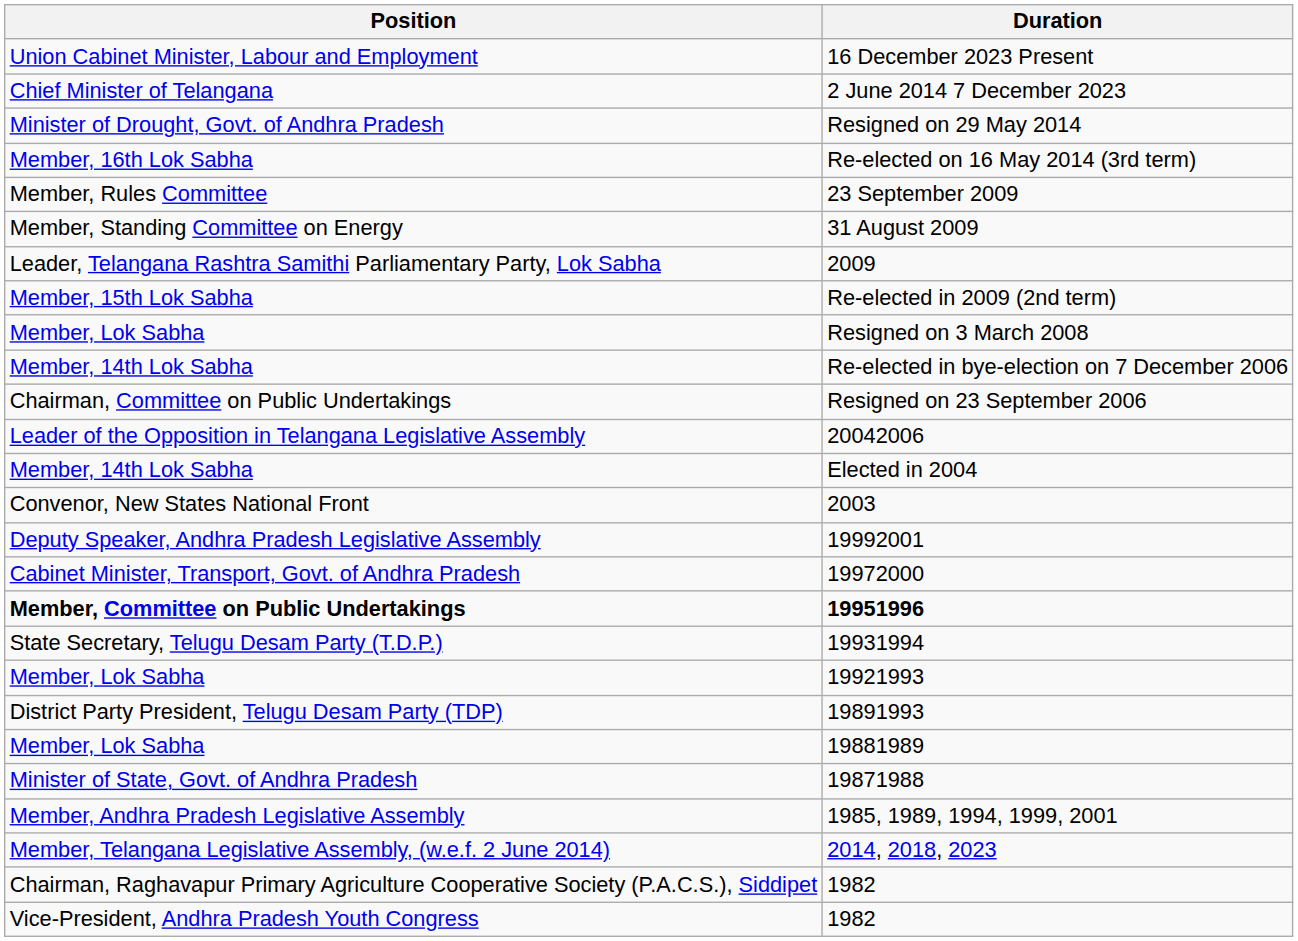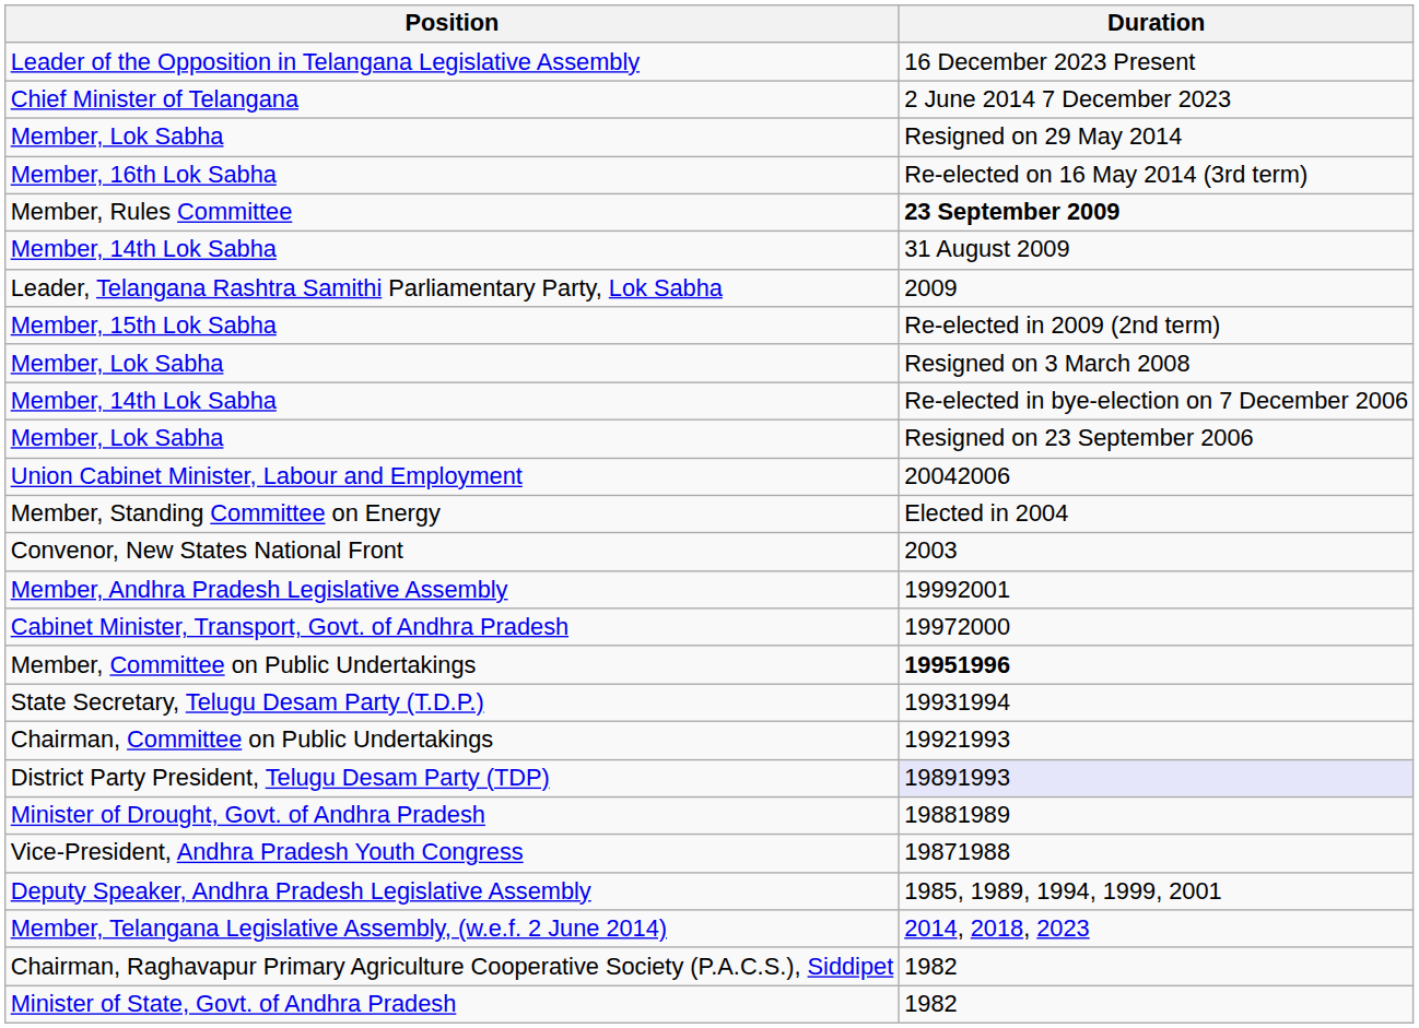 <table class="wikitable">
 <tr>
 <th>Position</th>
 <th>Duration</th>
 </tr>
 <tr>
-<td><a href='#'>Union Cabinet Minister, Labour and Employment</a></td>
+<td><a href='#'>Leader of the Opposition in Telangana Legislative Assembly</a></td>
 <td>16 December 2023  Present</td>
 </tr>
 <tr>
 <td><a href='#'>Chief Minister of Telangana</a></td>
 <td>2 June 2014  7 December 2023</td>
 </tr>
 <tr>
-<td><a href='#'>Minister of Drought, Govt. of Andhra Pradesh</a></td>
+<td><a href='#'>Member, Lok Sabha</a></td>
 <td>Resigned on 29 May 2014</td>
 </tr>
 <tr>
 <td><a href='#'>Member, 16th Lok Sabha</a></td>
 <td>Re-elected on 16 May 2014 (3rd term)</td>
 </tr>
 <tr>
 <td>Member, Rules <a href='#'>Committee</a></td>
-<td>23 September 2009</td>
+<td><strong>23 September 2009</strong></td>
 </tr>
 <tr>
-<td>Member, Standing <a href='#'>Committee</a> on Energy</td>
+<td><a href='#'>Member, 14th Lok Sabha</a></td>
 <td>31 August 2009</td>
 </tr>
 <tr>
 <td>Leader, <a href='#'>Telangana Rashtra Samithi</a> Parliamentary Party, <a href='#'>Lok Sabha</a></td>
 <td>2009</td>
 </tr>
 <tr>
 <td><a href='#'>Member, 15th Lok Sabha</a></td>
 <td>Re-elected in 2009 (2nd term)</td>
 </tr>
 <tr>
 <td><a href='#'>Member, Lok Sabha</a></td>
 <td>Resigned on 3 March 2008</td>
 </tr>
 <tr>
 <td><a href='#'>Member, 14th Lok Sabha</a></td>
 <td>Re-elected in bye-election on 7 December 2006</td>
 </tr>
 <tr>
-<td>Chairman, <a href='#'>Committee</a> on Public Undertakings</td>
+<td><a href='#'>Member, Lok Sabha</a></td>
 <td>Resigned on 23 September 2006</td>
 </tr>
 <tr>
-<td><a href='#'>Leader of the Opposition in Telangana Legislative Assembly</a></td>
+<td><a href='#'>Union Cabinet Minister, Labour and Employment</a></td>
 <td>20042006</td>
 </tr>
 <tr>
-<td><a href='#'>Member, 14th Lok Sabha</a></td>
+<td>Member, Standing <a href='#'>Committee</a> on Energy</td>
 <td>Elected in 2004</td>
 </tr>
 <tr>
 <td>Convenor, New States National Front</td>
 <td>2003</td>
 </tr>
 <tr>
-<td><a href='#'>Deputy Speaker, Andhra Pradesh Legislative Assembly</a></td>
+<td><a href='#'>Member, Andhra Pradesh Legislative Assembly</a></td>
 <td>19992001</td>
 </tr>
 <tr>
 <td><a href='#'>Cabinet Minister, Transport, Govt. of Andhra Pradesh</a></td>
 <td>19972000</td>
 </tr>
 <tr>
-<td><strong>Member, <a href='#'>Committee</a> on Public Undertakings</strong></td>
+<td>Member, <a href='#'>Committee</a> on Public Undertakings</td>
 <td><strong>19951996</strong></td>
 </tr>
 <tr>
 <td>State Secretary, <a href='#'>Telugu Desam Party (T.D.P.)</a></td>
 <td>19931994</td>
 </tr>
 <tr>
-<td><a href='#'>Member, Lok Sabha</a></td>
+<td>Chairman, <a href='#'>Committee</a> on Public Undertakings</td>
 <td>19921993</td>
 </tr>
 <tr>
 <td>District Party President, <a href='#'>Telugu Desam Party (TDP)</a></td>
-<td>19891993</td>
+<td style="background: lavender;">19891993</td>
 </tr>
 <tr>
-<td><a href='#'>Member, Lok Sabha</a></td>
+<td><a href='#'>Minister of Drought, Govt. of Andhra Pradesh</a></td>
 <td>19881989</td>
 </tr>
 <tr>
-<td><a href='#'>Minister of State, Govt. of Andhra Pradesh</a></td>
+<td>Vice-President, <a href='#'>Andhra Pradesh Youth Congress</a></td>
 <td>19871988</td>
 </tr>
 <tr>
-<td><a href='#'>Member, Andhra Pradesh Legislative Assembly</a></td>
+<td><a href='#'>Deputy Speaker, Andhra Pradesh Legislative Assembly</a></td>
 <td>1985, 1989, 1994, 1999, 2001</td>
 </tr>
 <tr>
 <td><a href='#'>Member, Telangana Legislative Assembly, (w.e.f. 2 June 2014)</a></td>
 <td><a href='#'>2014</a>, <a href='#'>2018</a>, <a href='#'>2023</a></td>
 </tr>
 <tr>
 <td>Chairman, Raghavapur Primary Agriculture Cooperative Society (P.A.C.S.), <a href='#'>Siddipet</a></td>
 <td>1982</td>
 </tr>
 <tr>
-<td>Vice-President, <a href='#'>Andhra Pradesh Youth Congress</a></td>
+<td><a href='#'>Minister of State, Govt. of Andhra Pradesh</a></td>
 <td>1982</td>
 </tr>
 </table>
